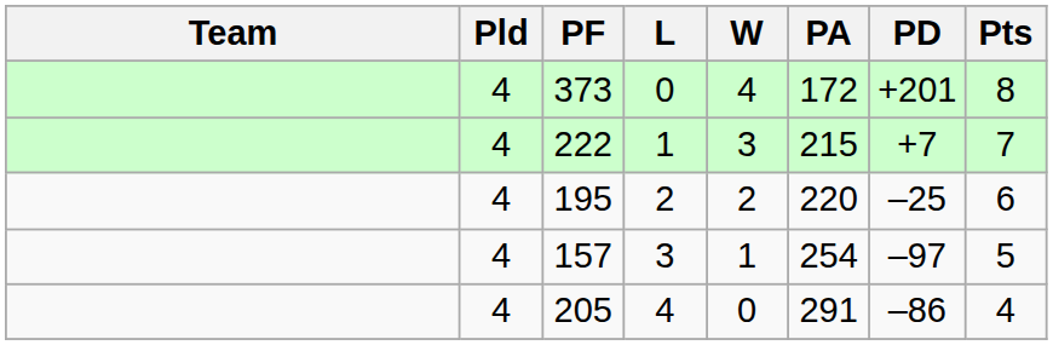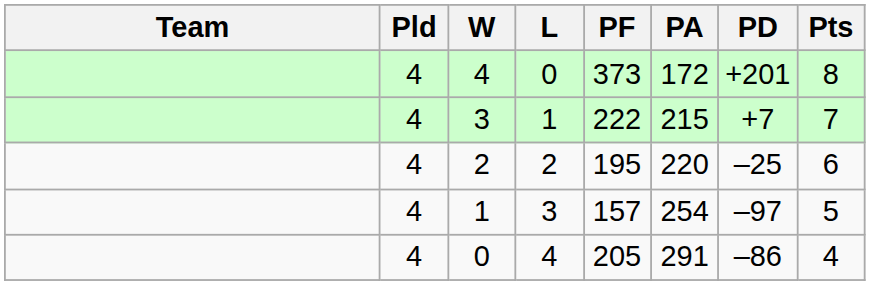 <table class="wikitable" style="text-align:center;">
 <tr>
 <th width=200>Team</th>
 <th width=30>Pld</th>
+<th width=30>W</th>
+<th width=30>L</th>
 <th width=30>PF</th>
-<th width=30>L</th>
-<th width=30>W</th>
 <th width=30>PA</th>
 <th width=30>PD</th>
 <th width=30>Pts</th>
 </tr>
 <tr bgcolor="#ccffcc">
 <td align=left></td>
 <td>4</td>
+<td>4</td>
+<td>0</td>
 <td>373</td>
-<td>0</td>
-<td>4</td>
 <td>172</td>
 <td>+201</td>
 <td>8</td>
 </tr>
 <tr bgcolor="#ccffcc">
 <td align=left></td>
 <td>4</td>
+<td>3</td>
+<td>1</td>
 <td>222</td>
-<td>1</td>
-<td>3</td>
 <td>215</td>
 <td>+7</td>
 <td>7</td>
 </tr>
 <tr>
 <td align=left></td>
 <td>4</td>
-<td>195</td>
 <td>2</td>
 <td>2</td>
+<td>195</td>
 <td>220</td>
 <td>–25</td>
 <td>6</td>
 </tr>
 <tr>
 <td align=left></td>
 <td>4</td>
+<td>1</td>
+<td>3</td>
 <td>157</td>
-<td>3</td>
-<td>1</td>
 <td>254</td>
 <td>–97</td>
 <td>5</td>
 </tr>
 <tr>
 <td align=left></td>
 <td>4</td>
+<td>0</td>
+<td>4</td>
 <td>205</td>
-<td>4</td>
-<td>0</td>
 <td>291</td>
 <td>–86</td>
 <td>4</td>
 </tr>
 </table>
